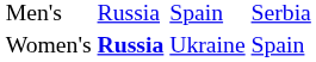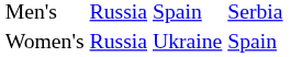 <table>
 <tr>
 <td>Men's<br></td>
 <td> <a href='#'>Russia</a></td>
 <td> <a href='#'>Spain</a></td>
 <td> <a href='#'>Serbia</a></td>
 </tr>
 <tr>
 <td>Women's<br></td>
-<td><strong> <a href='#'>Russia</a></strong></td>
+<td> <a href='#'>Russia</a></td>
 <td> <a href='#'>Ukraine</a></td>
 <td> <a href='#'>Spain</a></td>
 </tr>
 </table>
